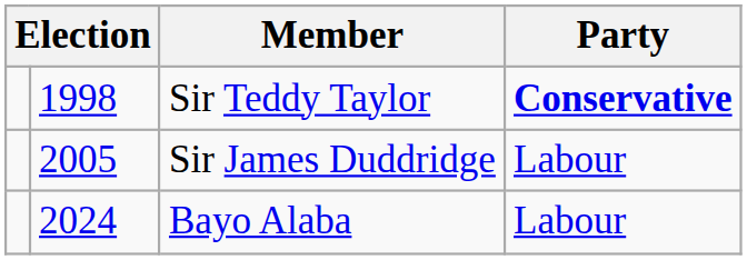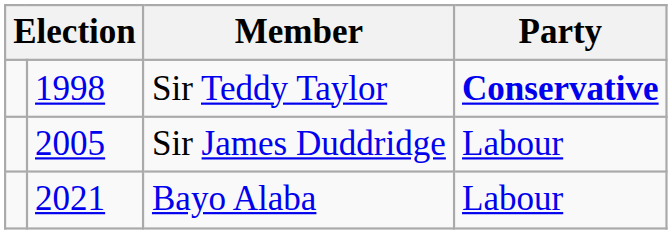 <table class="wikitable">
 <tr>
 <th colspan="2">Election</th>
 <th>Member</th>
 <th>Party</th>
 </tr>
 <tr>
 <td style="color:inherit;background-color: "></td>
 <td><a href='#'>1998</a></td>
 <td>Sir <a href='#'>Teddy Taylor</a></td>
 <td><strong><a href='#'>Conservative</a></strong></td>
 </tr>
 <tr>
 <td style="color:inherit;background-color: "></td>
 <td><a href='#'>2005</a></td>
 <td>Sir <a href='#'>James Duddridge</a></td>
 <td><a href='#'>Labour</a></td>
 </tr>
 <tr>
 <td style="color:inherit;background-color: "></td>
-<td><a href='#'>2024</a></td>
+<td><a href='#'>2021</a></td>
 <td><a href='#'>Bayo Alaba</a></td>
 <td><a href='#'>Labour</a></td>
 </tr>
 </table>
